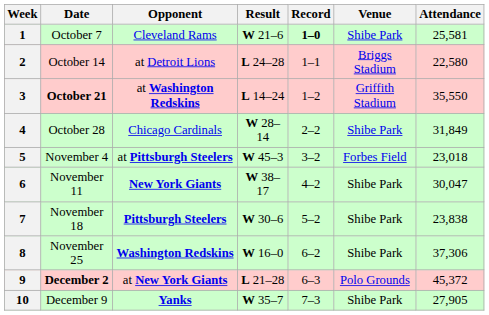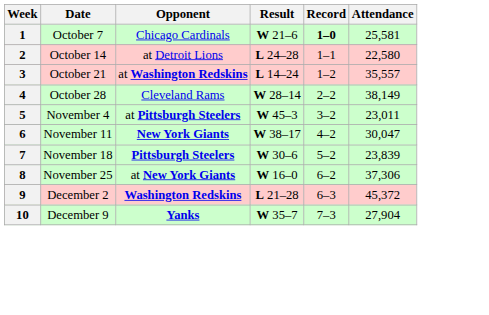 <table class="wikitable" style="text-align:center">
 <tr>
 <th>Week</th>
 <th>Date</th>
 <th>Opponent</th>
 <th>Result</th>
 <th>Record</th>
-<th>Venue</th>
 <th>Attendance</th>
 </tr>
 <tr style="background:#cfc">
 <th>1</th>
 <td>October 7</td>
-<td><a href='#'>Cleveland Rams</a></td>
+<td><a href='#'>Chicago Cardinals</a></td>
 <td><strong>W</strong> 21–6</td>
 <td><strong>1–0</strong></td>
-<td><a href='#'>Shibe Park</a></td>
 <td>25,581</td>
 </tr>
 <tr style="background:#fcc">
 <th>2</th>
 <td>October 14</td>
 <td>at <a href='#'>Detroit Lions</a></td>
 <td><strong>L</strong> 24–28</td>
 <td>1–1</td>
-<td><a href='#'>Briggs Stadium</a></td>
 <td>22,580</td>
 </tr>
 <tr style="background:#fcc">
 <th>3</th>
-<td><strong>October 21</strong></td>
+<td>October 21</td>
 <td>at <strong><a href='#'>Washington Redskins</a></strong></td>
 <td><strong>L</strong> 14–24</td>
 <td>1–2</td>
-<td><a href='#'>Griffith Stadium</a></td>
-<td>35,550</td>
+<td>35,557</td>
 </tr>
 <tr style="background:#cfc">
 <th>4</th>
 <td>October 28</td>
-<td><a href='#'>Chicago Cardinals</a></td>
+<td><a href='#'>Cleveland Rams</a></td>
 <td><strong>W</strong> 28–14</td>
 <td>2–2</td>
-<td><a href='#'>Shibe Park</a></td>
-<td>31,849</td>
+<td>38,149</td>
 </tr>
 <tr style="background:#cfc">
 <th>5</th>
 <td>November 4</td>
 <td>at <strong><a href='#'>Pittsburgh Steelers</a></strong></td>
 <td><strong>W</strong> 45–3</td>
 <td>3–2</td>
-<td><a href='#'>Forbes Field</a></td>
-<td>23,018</td>
+<td>23,011</td>
 </tr>
 <tr style="background:#cfc">
 <th>6</th>
 <td>November 11</td>
 <td><strong><a href='#'>New York Giants</a></strong></td>
 <td><strong>W</strong> 38–17</td>
 <td>4–2</td>
-<td>Shibe Park</td>
 <td>30,047</td>
 </tr>
 <tr style="background:#cfc">
 <th>7</th>
 <td>November 18</td>
 <td><strong><a href='#'>Pittsburgh Steelers</a></strong></td>
 <td><strong>W</strong> 30–6</td>
 <td>5–2</td>
-<td>Shibe Park</td>
-<td>23,838</td>
+<td>23,839</td>
 </tr>
 <tr style="background:#cfc">
 <th>8</th>
 <td>November 25</td>
-<td><strong><a href='#'>Washington Redskins</a></strong></td>
+<td>at <strong><a href='#'>New York Giants</a></strong></td>
 <td><strong>W</strong> 16–0</td>
 <td>6–2</td>
-<td>Shibe Park</td>
 <td>37,306</td>
 </tr>
 <tr style="background:#fcc">
 <th>9</th>
-<td><strong>December 2</strong></td>
-<td>at <strong><a href='#'>New York Giants</a></strong></td>
+<td>December 2</td>
+<td><strong><a href='#'>Washington Redskins</a></strong></td>
 <td><strong>L</strong> 21–28</td>
 <td>6–3</td>
-<td><a href='#'>Polo Grounds</a></td>
 <td>45,372</td>
 </tr>
 <tr style="background:#cfc">
 <th>10</th>
 <td>December 9</td>
 <td><strong><a href='#'>Yanks</a></strong></td>
 <td><strong>W</strong> 35–7</td>
 <td>7–3</td>
-<td>Shibe Park</td>
-<td>27,905</td>
+<td>27,904</td>
 </tr>
 </table>
